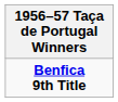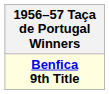 <table class="wikitable" style="text-align: center; margin: 0 auto; width: 20%">
 <tr>
 <th>1956–57 Taça de Portugal Winners</th>
 </tr>
 <tr>
-<td><strong><a href='#'>Benfica</a></strong><br><strong>9th Title</strong></td>
+<td style="background: lightyellow;"><strong><a href='#'>Benfica</a></strong><br><strong>9th Title</strong></td>
 </tr>
 </table>
